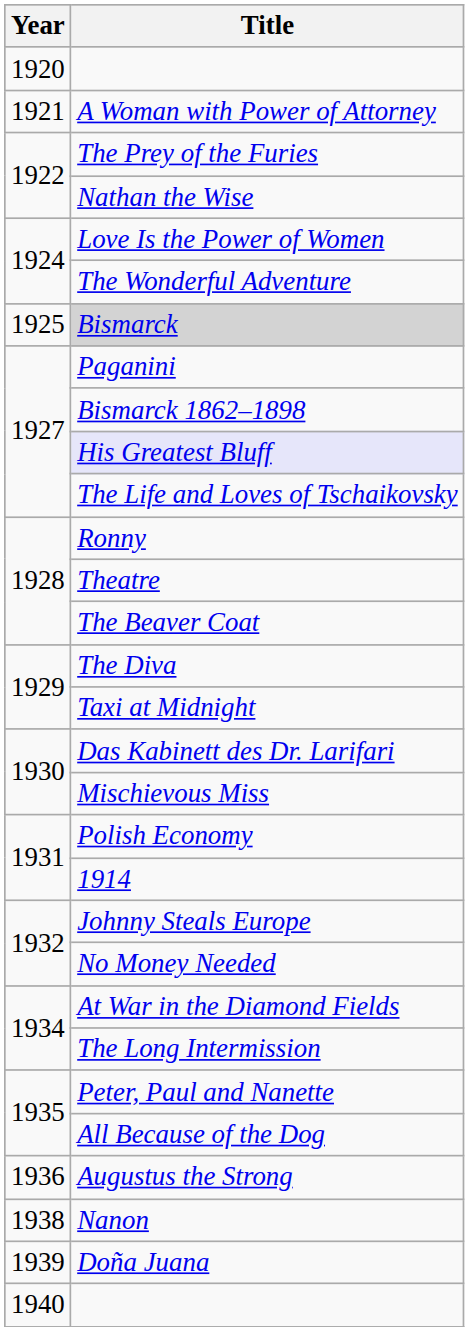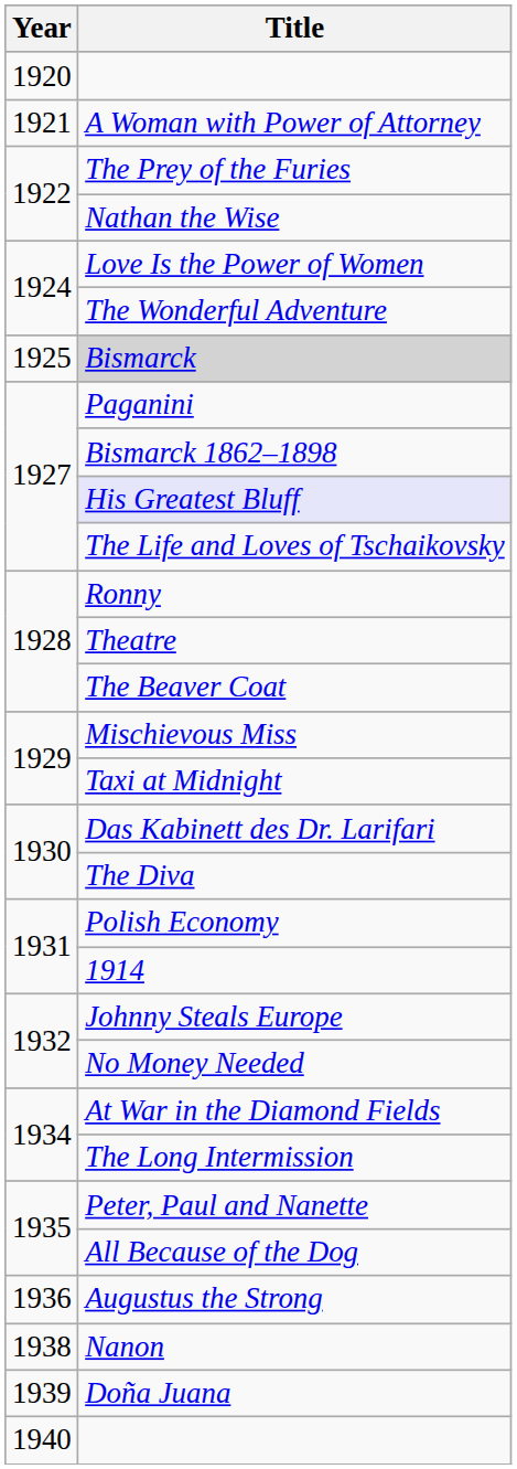 <table class="wikitable">
 <tr>
 <th>Year</th>
 <th>Title</th>
 </tr>
 <tr>
 <td>1920</td>
 <td><em></em></td>
 </tr>
 <tr>
 <td>1921</td>
 <td><em><a href='#'>A Woman with Power of Attorney</a></em></td>
 </tr>
 <tr>
 <td rowspan=2>1922</td>
 <td><em><a href='#'>The Prey of the Furies</a></em></td>
 </tr>
 <tr>
 <td><em><a href='#'>Nathan the Wise</a></em></td>
 </tr>
 <tr>
 <td rowspan=2>1924</td>
 <td><em><a href='#'>Love Is the Power of Women</a></em></td>
 </tr>
 <tr>
 <td><em><a href='#'>The Wonderful Adventure</a></em></td>
 </tr>
 <tr>
 <td>1925</td>
 <td style="background: lightgrey;"><em><a href='#'>Bismarck</a></em></td>
 </tr>
 <tr>
 <td rowspan=4>1927</td>
 <td><em><a href='#'>Paganini</a></em></td>
 </tr>
 <tr>
 <td><em><a href='#'>Bismarck 1862–1898</a></em></td>
 </tr>
 <tr>
 <td style="background: lavender;"><em><a href='#'>His Greatest Bluff</a></em></td>
 </tr>
 <tr>
 <td><em><a href='#'>The Life and Loves of Tschaikovsky</a></em></td>
 </tr>
 <tr>
 <td rowspan=3>1928</td>
 <td><em><a href='#'>Ronny</a></em></td>
 </tr>
 <tr>
 <td><em><a href='#'>Theatre</a></em></td>
 </tr>
 <tr>
 <td><em><a href='#'>The Beaver Coat</a></em></td>
 </tr>
 <tr>
 <td rowspan=2>1929</td>
-<td><em><a href='#'>The Diva</a></em></td>
+<td><em><a href='#'>Mischievous Miss</a></em></td>
 </tr>
 <tr>
 <td><em><a href='#'>Taxi at Midnight</a></em></td>
 </tr>
 <tr>
 <td rowspan=2>1930</td>
 <td><em><a href='#'>Das Kabinett des Dr. Larifari</a></em></td>
 </tr>
 <tr>
-<td><em><a href='#'>Mischievous Miss</a></em></td>
+<td><em><a href='#'>The Diva</a></em></td>
 </tr>
 <tr>
 <td rowspan=2>1931</td>
 <td><em><a href='#'>Polish Economy</a></em></td>
 </tr>
 <tr>
 <td><em><a href='#'>1914</a></em></td>
 </tr>
 <tr>
 <td rowspan=2>1932</td>
 <td><em><a href='#'>Johnny Steals Europe</a></em></td>
 </tr>
 <tr>
 <td><em><a href='#'>No Money Needed</a></em></td>
 </tr>
 <tr>
 <td rowspan=2>1934</td>
 <td><em><a href='#'>At War in the Diamond Fields</a></em></td>
 </tr>
 <tr>
 <td><em><a href='#'>The Long Intermission</a></em></td>
 </tr>
 <tr>
 <td rowspan=2>1935</td>
 <td><em><a href='#'>Peter, Paul and Nanette</a></em></td>
 </tr>
 <tr>
 <td><em><a href='#'>All Because of the Dog</a></em></td>
 </tr>
 <tr>
 <td>1936</td>
 <td><em><a href='#'>Augustus the Strong</a></em></td>
 </tr>
 <tr>
 <td>1938</td>
 <td><em><a href='#'>Nanon</a></em></td>
 </tr>
 <tr>
 <td>1939</td>
 <td><em><a href='#'>Doña Juana</a></em></td>
 </tr>
 <tr>
 <td>1940</td>
 <td><em></em></td>
 </tr>
 <tr>
 </tr>
 </table>
